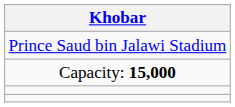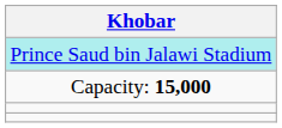 <table class="wikitable" style="margin:1em auto; text-align:center;">
 <tr>
 <th><a href='#'>Khobar</a></th>
 </tr>
 <tr>
-<td><a href='#'>Prince Saud bin Jalawi Stadium</a></td>
+<td style="background: paleturquoise;"><a href='#'>Prince Saud bin Jalawi Stadium</a></td>
 </tr>
 <tr>
 <td>Capacity: <strong>15,000</strong></td>
 </tr>
 <tr>
 <td></td>
 </tr>
 <tr>
 <td></td>
 </tr>
 </table>
